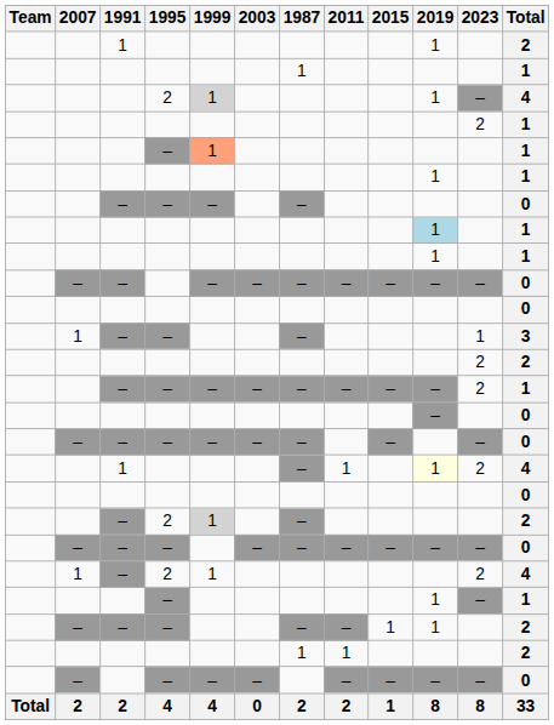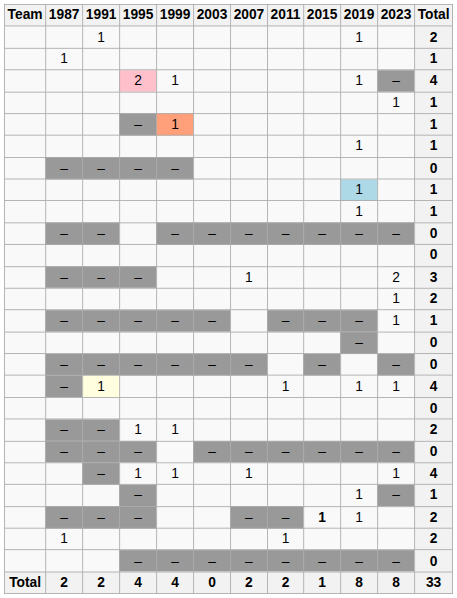 <table class="wikitable sortable" style="text-align:center;">
 <tr>
 <th>Team</th>
-<th>2007</th>
+<th>1987</th>
 <th>1991</th>
 <th>1995</th>
 <th>1999</th>
 <th>2003</th>
-<th>1987</th>
+<th>2007</th>
 <th>2011</th>
 <th>2015</th>
 <th>2019</th>
 <th>2023</th>
 <th>Total</th>
 </tr>
 <tr>
 <td align="left"></td>
 <td></td>
 <td>1</td>
 <td></td>
 <td></td>
 <td></td>
 <td></td>
 <td></td>
 <td></td>
 <td>1</td>
 <td></td>
 <th>2</th>
 </tr>
 <tr>
 <td align="left"></td>
+<td>1</td>
 <td></td>
 <td></td>
 <td></td>
 <td></td>
 <td></td>
-<td>1</td>
 <td></td>
 <td></td>
 <td></td>
 <td></td>
 <th>1</th>
 </tr>
 <tr>
 <td align="left"></td>
 <td></td>
 <td></td>
-<td>2</td>
-<td style="background: lightgrey;">1</td>
+<td style="background: pink;">2</td>
+<td>1</td>
 <td></td>
 <td></td>
 <td></td>
 <td></td>
 <td>1</td>
 <td style="background:#999999;">–</td>
 <th>4</th>
 </tr>
 <tr>
 <td align="left"></td>
 <td></td>
 <td></td>
 <td></td>
 <td></td>
 <td></td>
 <td></td>
 <td></td>
 <td></td>
 <td></td>
-<td>2</td>
+<td>1</td>
 <th>1</th>
 </tr>
 <tr>
 <td align="left"></td>
 <td></td>
 <td></td>
 <td style="background:#999999;">–</td>
 <td style="background: lightsalmon;">1</td>
 <td></td>
 <td></td>
 <td></td>
 <td></td>
 <td></td>
 <td></td>
 <th>1</th>
 </tr>
 <tr>
 <td align="left"></td>
 <td></td>
 <td></td>
 <td></td>
 <td></td>
 <td></td>
 <td></td>
 <td></td>
 <td></td>
 <td>1</td>
 <td></td>
 <th>1</th>
 </tr>
 <tr>
 <td align="left"></td>
-<td></td>
+<td style="background:#999999;">–</td>
 <td style="background:#999999;">–</td>
 <td style="background:#999999;">–</td>
 <td style="background:#999999;">–</td>
 <td></td>
-<td style="background:#999999;">–</td>
+<td></td>
 <td></td>
 <td></td>
 <td></td>
 <td></td>
 <th>0</th>
 </tr>
 <tr>
 <td align="left"></td>
 <td></td>
 <td></td>
 <td></td>
 <td></td>
 <td></td>
 <td></td>
 <td></td>
 <td></td>
 <td style="background: lightblue;">1</td>
 <td></td>
 <th>1</th>
 </tr>
 <tr>
 <td align="left"></td>
 <td></td>
 <td></td>
 <td></td>
 <td></td>
 <td></td>
 <td></td>
 <td></td>
 <td></td>
 <td>1</td>
 <td></td>
 <th>1</th>
 </tr>
 <tr>
 <td align="left"></td>
 <td style="background:#999999;">–</td>
 <td style="background:#999999;">–</td>
 <td></td>
 <td style="background:#999999;">–</td>
 <td style="background:#999999;">–</td>
 <td style="background:#999999;">–</td>
 <td style="background:#999999;">–</td>
 <td style="background:#999999;">–</td>
 <td style="background:#999999;">–</td>
 <td style="background:#999999;">–</td>
 <th>0</th>
 </tr>
 <tr>
 <td align="left"></td>
 <td></td>
 <td></td>
 <td></td>
 <td></td>
 <td></td>
 <td></td>
 <td></td>
 <td></td>
 <td></td>
 <td></td>
 <th>0</th>
 </tr>
 <tr>
 <td align="left"></td>
-<td>1</td>
+<td style="background:#999999;">–</td>
 <td style="background:#999999;">–</td>
 <td style="background:#999999;">–</td>
 <td></td>
 <td></td>
-<td style="background:#999999;">–</td>
+<td>1</td>
 <td></td>
 <td></td>
 <td></td>
-<td>1</td>
+<td>2</td>
 <th>3</th>
 </tr>
 <tr>
 <td align="left"></td>
 <td></td>
 <td></td>
 <td></td>
 <td></td>
 <td></td>
 <td></td>
 <td></td>
 <td></td>
 <td></td>
-<td>2</td>
+<td>1</td>
 <th>2</th>
 </tr>
 <tr>
 <td align="left"></td>
-<td></td>
 <td style="background:#999999;">–</td>
 <td style="background:#999999;">–</td>
 <td style="background:#999999;">–</td>
 <td style="background:#999999;">–</td>
 <td style="background:#999999;">–</td>
+<td></td>
 <td style="background:#999999;">–</td>
 <td style="background:#999999;">–</td>
 <td style="background:#999999;">–</td>
-<td>2</td>
+<td>1</td>
 <th>1</th>
 </tr>
 <tr>
 <td align="left"></td>
 <td></td>
 <td></td>
 <td></td>
 <td></td>
 <td></td>
 <td></td>
 <td></td>
 <td></td>
 <td style="background:#999999;">–</td>
 <td></td>
 <th>0</th>
 </tr>
 <tr>
 <td align="left"></td>
 <td style="background:#999999;">–</td>
 <td style="background:#999999;">–</td>
 <td style="background:#999999;">–</td>
 <td style="background:#999999;">–</td>
 <td style="background:#999999;">–</td>
 <td style="background:#999999;">–</td>
 <td></td>
 <td style="background:#999999;">–</td>
 <td></td>
 <td style="background:#999999;">–</td>
 <th>0</th>
 </tr>
 <tr>
 <td align="left"></td>
+<td style="background:#999999;">–</td>
+<td style="background: lightyellow;">1</td>
+<td></td>
+<td></td>
+<td></td>
 <td></td>
 <td>1</td>
 <td></td>
-<td></td>
-<td></td>
-<td style="background:#999999;">–</td>
 <td>1</td>
-<td></td>
-<td style="background: lightyellow;">1</td>
-<td>2</td>
+<td>1</td>
 <th>4</th>
 </tr>
 <tr>
 <td align="left"></td>
 <td></td>
 <td></td>
 <td></td>
 <td></td>
 <td></td>
 <td></td>
 <td></td>
 <td></td>
 <td></td>
 <td></td>
 <th>0</th>
 </tr>
 <tr>
 <td align="left"></td>
+<td style="background:#999999;">–</td>
+<td style="background:#999999;">–</td>
+<td>1</td>
+<td>1</td>
 <td></td>
-<td style="background:#999999;">–</td>
-<td>2</td>
-<td style="background: lightgrey;">1</td>
 <td></td>
-<td style="background:#999999;">–</td>
 <td></td>
 <td></td>
 <td></td>
 <td></td>
 <th>2</th>
 </tr>
 <tr>
 <td align="left"></td>
 <td style="background:#999999;">–</td>
 <td style="background:#999999;">–</td>
 <td style="background:#999999;">–</td>
 <td></td>
 <td style="background:#999999;">–</td>
 <td style="background:#999999;">–</td>
 <td style="background:#999999;">–</td>
 <td style="background:#999999;">–</td>
 <td style="background:#999999;">–</td>
 <td style="background:#999999;">–</td>
 <th>0</th>
 </tr>
 <tr>
 <td align="left"></td>
+<td></td>
+<td style="background:#999999;">–</td>
 <td>1</td>
-<td style="background:#999999;">–</td>
-<td>2</td>
+<td>1</td>
+<td></td>
 <td>1</td>
 <td></td>
 <td></td>
 <td></td>
-<td></td>
-<td></td>
-<td>2</td>
+<td>1</td>
 <th>4</th>
 </tr>
 <tr>
 <td align="left"></td>
 <td></td>
 <td></td>
 <td style="background:#999999;">–</td>
 <td></td>
 <td></td>
 <td></td>
 <td></td>
 <td></td>
 <td>1</td>
 <td style="background:#999999;">–</td>
 <th>1</th>
 </tr>
 <tr>
 <td align="left"></td>
 <td style="background:#999999;">–</td>
 <td style="background:#999999;">–</td>
 <td style="background:#999999;">–</td>
 <td></td>
 <td></td>
 <td style="background:#999999;">–</td>
 <td style="background:#999999;">–</td>
-<td>1</td>
+<td><strong>1</strong></td>
 <td>1</td>
 <td></td>
 <th>2</th>
 </tr>
 <tr>
 <td align="left"></td>
+<td>1</td>
 <td></td>
 <td></td>
 <td></td>
 <td></td>
 <td></td>
-<td>1</td>
 <td>1</td>
 <td></td>
 <td></td>
 <td></td>
 <th>2</th>
 </tr>
 <tr>
 <td align="left"></td>
-<td style="background:#999999;">–</td>
+<td></td>
 <td></td>
 <td style="background:#999999;">–</td>
 <td style="background:#999999;">–</td>
 <td style="background:#999999;">–</td>
-<td></td>
+<td style="background:#999999;">–</td>
 <td style="background:#999999;">–</td>
 <td style="background:#999999;">–</td>
 <td style="background:#999999;">–</td>
 <td style="background:#999999;">–</td>
 <th>0</th>
 </tr>
 <tr class="sortbottom">
 <th>Total</th>
 <th>2</th>
 <th>2</th>
 <th>4</th>
 <th>4</th>
 <th>0</th>
 <th>2</th>
 <th>2</th>
 <th>1</th>
 <th>8</th>
 <th>8</th>
 <th>33</th>
 </tr>
 </table>
